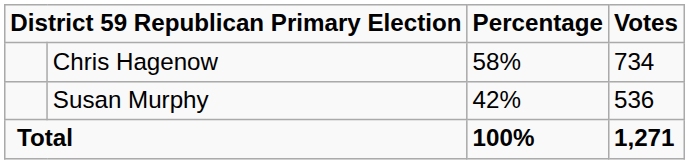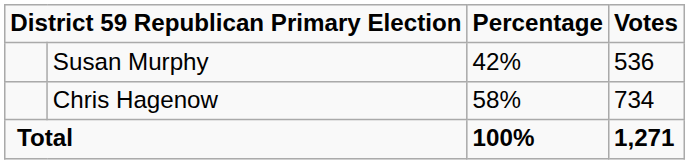 <table class="wikitable">
 <tr>
 <td colspan="2" rowspan="1" align="center" valign="top"><strong>District 59 Republican Primary Election</strong></td>
 <td style="vertical-align:top;"><strong>Percentage</strong></td>
 <td style="vertical-align:top;"><strong>Votes</strong></td>
 </tr>
 <tr>
 <td style="background-color:"> </td>
+<td>Susan Murphy</td>
+<td>42%</td>
+<td>536</td>
+</tr>
+<tr>
+<td style="background-color:"> </td>
 <td>Chris Hagenow</td>
 <td>58%</td>
 <td>734</td>
-</tr>
-<tr>
-<td style="background-color:"> </td>
-<td>Susan Murphy</td>
-<td>42%</td>
-<td>536</td>
 </tr>
 <tr>
 <td colspan="2" rowspan="1"> <strong>Total</strong></td>
 <td><strong>100%</strong></td>
 <td><strong>1,271</strong></td>
 </tr>
 </table>
